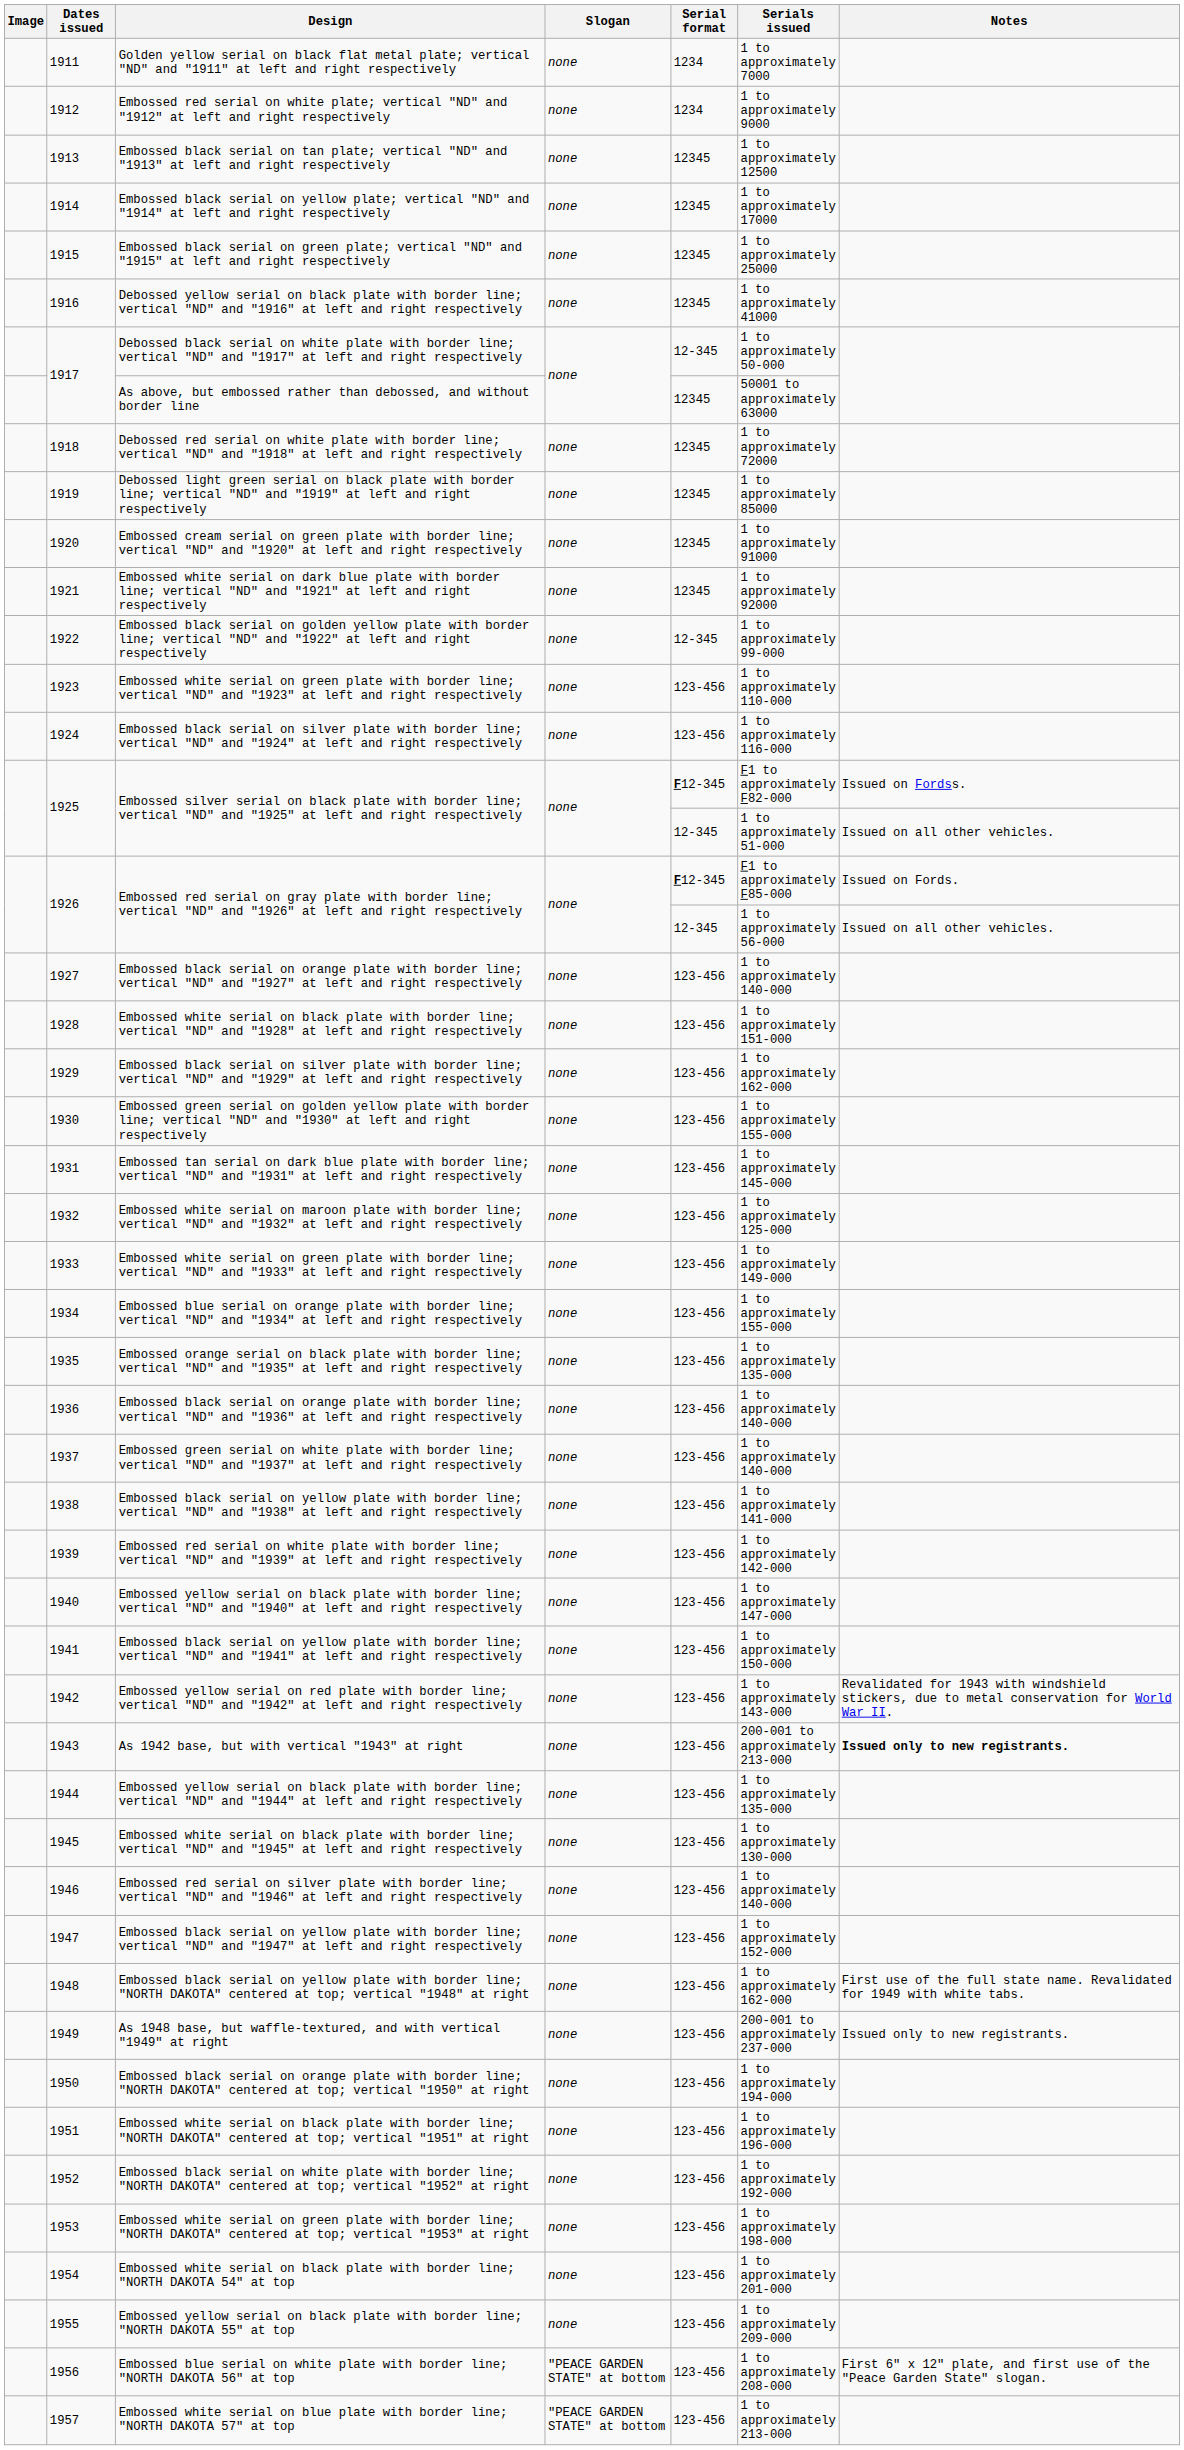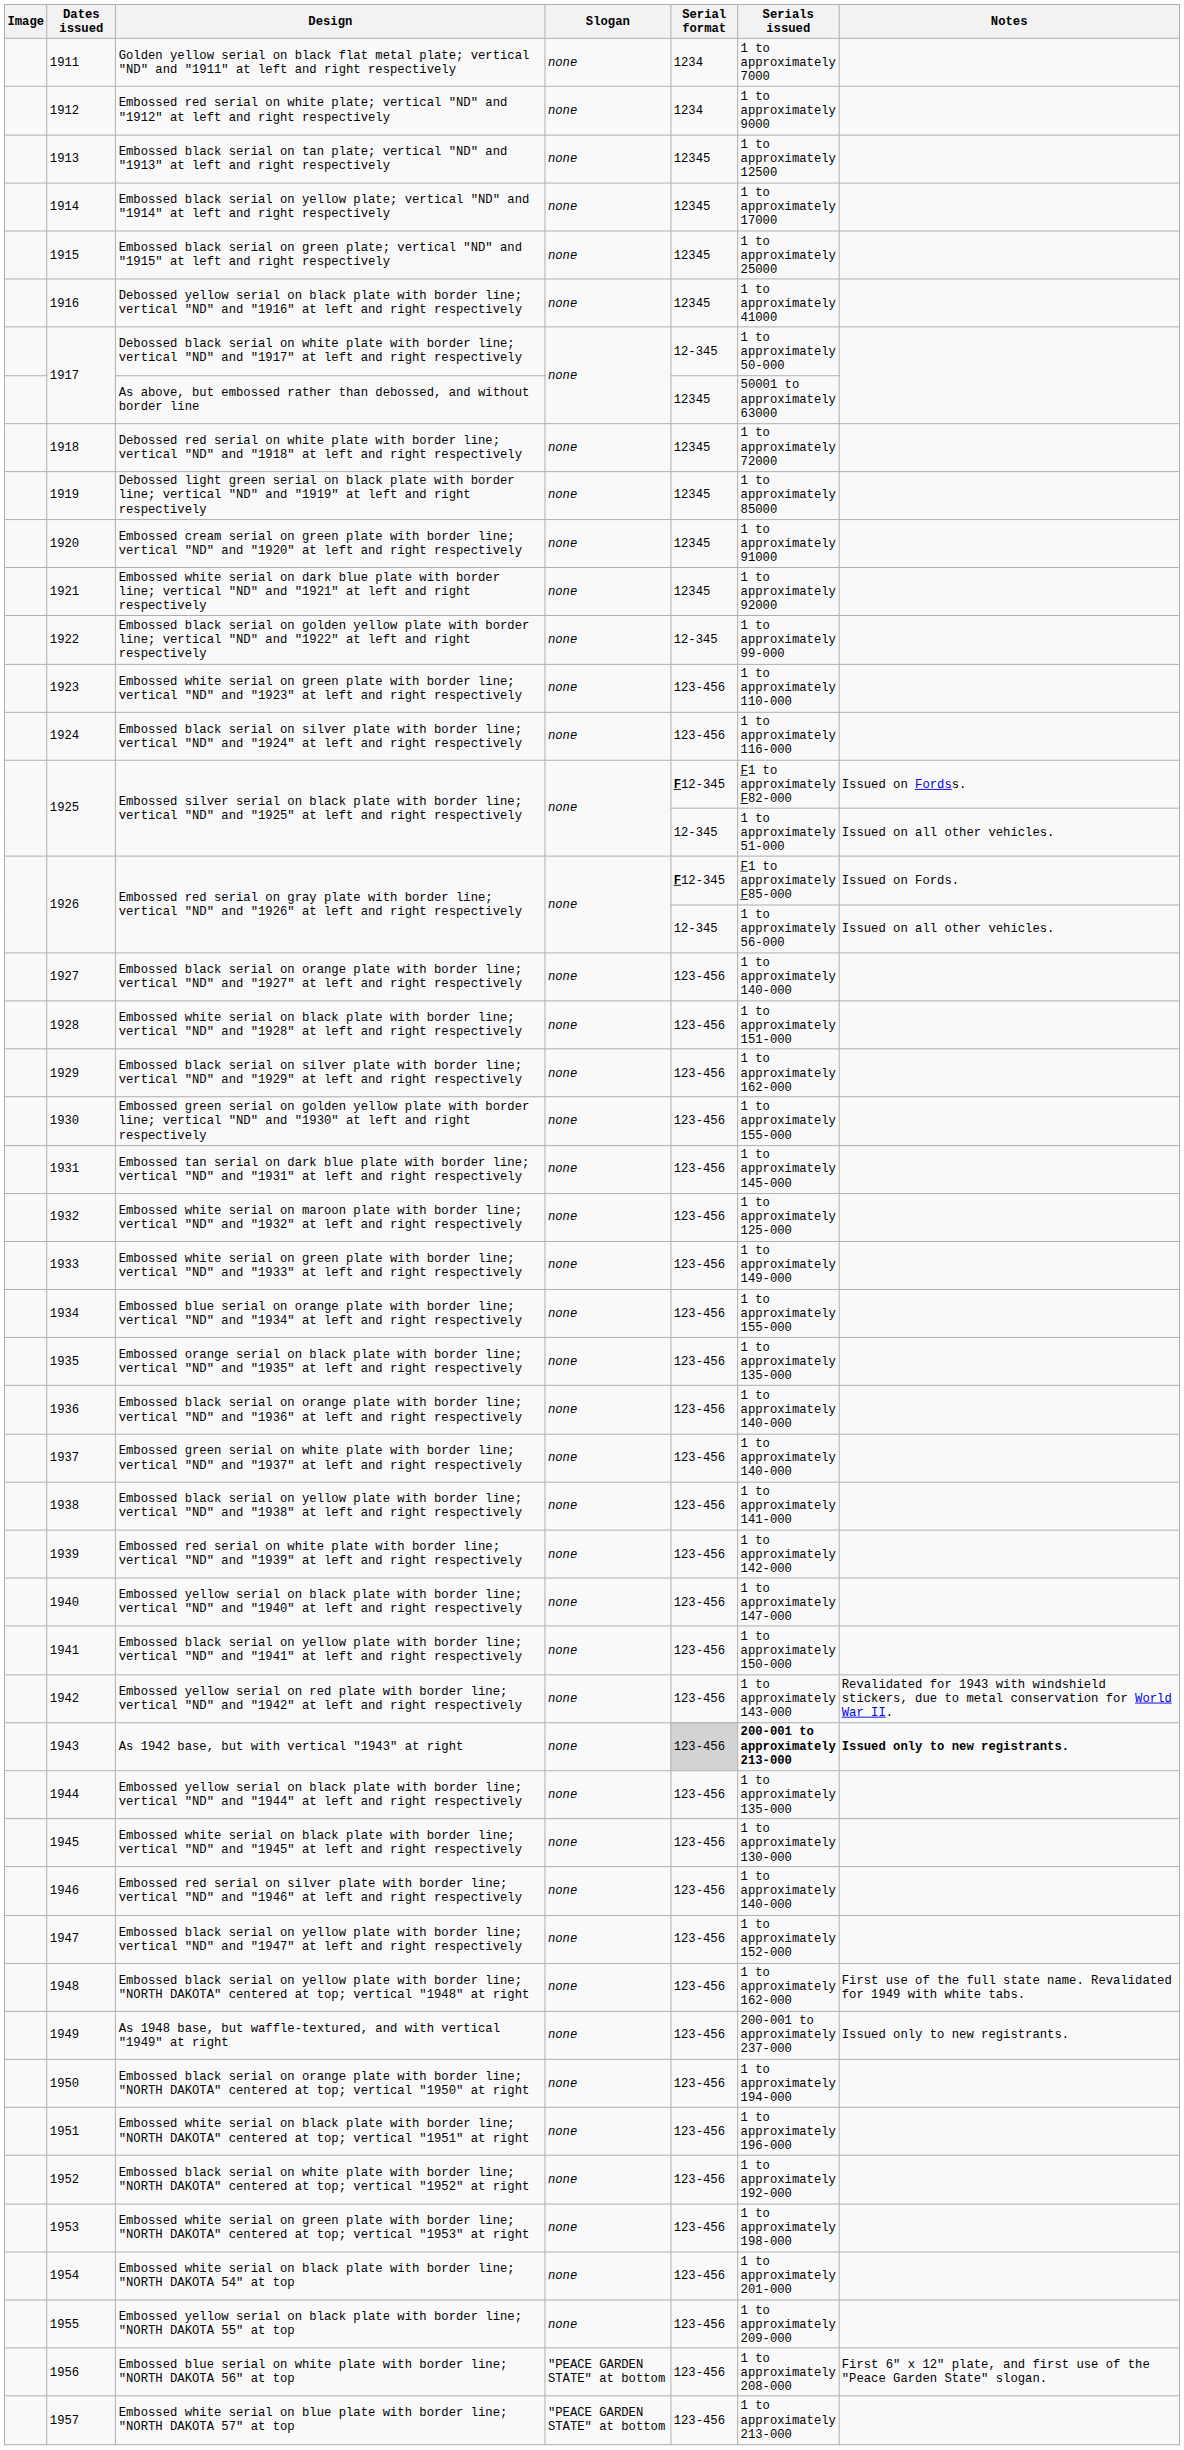 <table class="wikitable">
 <tr>
 <th>Image</th>
 <th>Dates issued</th>
 <th>Design</th>
 <th>Slogan</th>
 <th style="width:65px;">Serial format</th>
 <th style="width:95px;">Serials issued</th>
 <th>Notes</th>
 </tr>
 <tr>
 <td></td>
 <td>1911</td>
 <td>Golden yellow serial on black flat metal plate; vertical "ND" and "1911" at left and right respectively</td>
 <td><em>none</em></td>
 <td>1234</td>
 <td>1 to approximately 7000</td>
 <td></td>
 </tr>
 <tr>
 <td></td>
 <td>1912</td>
 <td>Embossed red serial on white plate; vertical "ND" and "1912" at left and right respectively</td>
 <td><em>none</em></td>
 <td>1234</td>
 <td>1 to approximately 9000</td>
 <td></td>
 </tr>
 <tr>
 <td></td>
 <td>1913</td>
 <td>Embossed black serial on tan plate; vertical "ND" and "1913" at left and right respectively</td>
 <td><em>none</em></td>
 <td>12345</td>
 <td>1 to approximately 12500</td>
 <td></td>
 </tr>
 <tr>
 <td></td>
 <td>1914</td>
 <td>Embossed black serial on yellow plate; vertical "ND" and "1914" at left and right respectively</td>
 <td><em>none</em></td>
 <td>12345</td>
 <td>1 to approximately 17000</td>
 <td></td>
 </tr>
 <tr>
 <td></td>
 <td>1915</td>
 <td>Embossed black serial on green plate; vertical "ND" and "1915" at left and right respectively</td>
 <td><em>none</em></td>
 <td>12345</td>
 <td>1 to approximately 25000</td>
 <td></td>
 </tr>
 <tr>
 <td></td>
 <td>1916</td>
 <td>Debossed yellow serial on black plate with border line; vertical "ND" and "1916" at left and right respectively</td>
 <td><em>none</em></td>
 <td>12345</td>
 <td>1 to approximately 41000</td>
 <td></td>
 </tr>
 <tr>
 <td></td>
 <td rowspan="2">1917</td>
 <td>Debossed black serial on white plate with border line; vertical "ND" and "1917" at left and right respectively</td>
 <td rowspan="2"><em>none</em></td>
 <td>12-345</td>
 <td>1 to approximately 50-000</td>
 <td rowspan="2"></td>
 </tr>
 <tr>
 <td></td>
 <td>As above, but embossed rather than debossed, and without border line</td>
 <td>12345</td>
 <td>50001 to approximately 63000</td>
 </tr>
 <tr>
 <td></td>
 <td>1918</td>
 <td>Debossed red serial on white plate with border line; vertical "ND" and "1918" at left and right respectively</td>
 <td><em>none</em></td>
 <td>12345</td>
 <td>1 to approximately 72000</td>
 <td></td>
 </tr>
 <tr>
 <td></td>
 <td>1919</td>
 <td>Debossed light green serial on black plate with border line; vertical "ND" and "1919" at left and right respectively</td>
 <td><em>none</em></td>
 <td>12345</td>
 <td>1 to approximately 85000</td>
 <td></td>
 </tr>
 <tr>
 <td></td>
 <td>1920</td>
 <td>Embossed cream serial on green plate with border line; vertical "ND" and "1920" at left and right respectively</td>
 <td><em>none</em></td>
 <td>12345</td>
 <td>1 to approximately 91000</td>
 <td></td>
 </tr>
 <tr>
 <td></td>
 <td>1921</td>
 <td>Embossed white serial on dark blue plate with border line; vertical "ND" and "1921" at left and right respectively</td>
 <td><em>none</em></td>
 <td>12345</td>
 <td>1 to approximately 92000</td>
 <td></td>
 </tr>
 <tr>
 <td></td>
 <td>1922</td>
 <td>Embossed black serial on golden yellow plate with border line; vertical "ND" and "1922" at left and right respectively</td>
 <td><em>none</em></td>
 <td>12-345</td>
 <td>1 to approximately 99-000</td>
 <td></td>
 </tr>
 <tr>
 <td></td>
 <td>1923</td>
 <td>Embossed white serial on green plate with border line; vertical "ND" and "1923" at left and right respectively</td>
 <td><em>none</em></td>
 <td>123-456</td>
 <td>1 to approximately 110-000</td>
 <td></td>
 </tr>
 <tr>
 <td></td>
 <td>1924</td>
 <td>Embossed black serial on silver plate with border line; vertical "ND" and "1924" at left and right respectively</td>
 <td><em>none</em></td>
 <td>123-456</td>
 <td>1 to approximately 116-000</td>
 <td></td>
 </tr>
 <tr>
 <td rowspan="2"></td>
 <td rowspan="2">1925</td>
 <td rowspan="2">Embossed silver serial on black plate with border line; vertical "ND" and "1925" at left and right respectively</td>
 <td rowspan="2"><em>none</em></td>
 <td><u><strong>F</strong></u>12-345</td>
 <td><u>F</u>1 to approximately <u>F</u>82-000</td>
 <td>Issued on <a href='#'>Fords</a>s.</td>
 </tr>
 <tr>
 <td>12-345</td>
 <td>1 to approximately 51-000</td>
 <td>Issued on all other vehicles.</td>
 </tr>
 <tr>
 <td rowspan="2"></td>
 <td rowspan="2">1926</td>
 <td rowspan="2">Embossed red serial on gray plate with border line; vertical "ND" and "1926" at left and right respectively</td>
 <td rowspan="2"><em>none</em></td>
 <td><u><strong>F</strong></u>12-345</td>
 <td><u>F</u>1 to approximately <u>F</u>85-000</td>
 <td>Issued on Fords.</td>
 </tr>
 <tr>
 <td>12-345</td>
 <td>1 to approximately 56-000</td>
 <td>Issued on all other vehicles.</td>
 </tr>
 <tr>
 <td></td>
 <td>1927</td>
 <td>Embossed black serial on orange plate with border line; vertical "ND" and "1927" at left and right respectively</td>
 <td><em>none</em></td>
 <td>123-456</td>
 <td>1 to approximately 140-000</td>
 <td></td>
 </tr>
 <tr>
 <td></td>
 <td>1928</td>
 <td>Embossed white serial on black plate with border line; vertical "ND" and "1928" at left and right respectively</td>
 <td><em>none</em></td>
 <td>123-456</td>
 <td>1 to approximately 151-000</td>
 <td></td>
 </tr>
 <tr>
 <td></td>
 <td>1929</td>
 <td>Embossed black serial on silver plate with border line; vertical "ND" and "1929" at left and right respectively</td>
 <td><em>none</em></td>
 <td>123-456</td>
 <td>1 to approximately 162-000</td>
 <td></td>
 </tr>
 <tr>
 <td></td>
 <td>1930</td>
 <td>Embossed green serial on golden yellow plate with border line; vertical "ND" and "1930" at left and right respectively</td>
 <td><em>none</em></td>
 <td>123-456</td>
 <td>1 to approximately 155-000</td>
 <td></td>
 </tr>
 <tr>
 <td></td>
 <td>1931</td>
 <td>Embossed tan serial on dark blue plate with border line; vertical "ND" and "1931" at left and right respectively</td>
 <td><em>none</em></td>
 <td>123-456</td>
 <td>1 to approximately 145-000</td>
 <td></td>
 </tr>
 <tr>
 <td></td>
 <td>1932</td>
 <td>Embossed white serial on maroon plate with border line; vertical "ND" and "1932" at left and right respectively</td>
 <td><em>none</em></td>
 <td>123-456</td>
 <td>1 to approximately 125-000</td>
 <td></td>
 </tr>
 <tr>
 <td></td>
 <td>1933</td>
 <td>Embossed white serial on green plate with border line; vertical "ND" and "1933" at left and right respectively</td>
 <td><em>none</em></td>
 <td>123-456</td>
 <td>1 to approximately 149-000</td>
 <td></td>
 </tr>
 <tr>
 <td></td>
 <td>1934</td>
 <td>Embossed blue serial on orange plate with border line; vertical "ND" and "1934" at left and right respectively</td>
 <td><em>none</em></td>
 <td>123-456</td>
 <td>1 to approximately 155-000</td>
 <td></td>
 </tr>
 <tr>
 <td></td>
 <td>1935</td>
 <td>Embossed orange serial on black plate with border line; vertical "ND" and "1935" at left and right respectively</td>
 <td><em>none</em></td>
 <td>123-456</td>
 <td>1 to approximately 135-000</td>
 <td></td>
 </tr>
 <tr>
 <td></td>
 <td>1936</td>
 <td>Embossed black serial on orange plate with border line; vertical "ND" and "1936" at left and right respectively</td>
 <td><em>none</em></td>
 <td>123-456</td>
 <td>1 to approximately 140-000</td>
 <td></td>
 </tr>
 <tr>
 <td></td>
 <td>1937</td>
 <td>Embossed green serial on white plate with border line; vertical "ND" and "1937" at left and right respectively</td>
 <td><em>none</em></td>
 <td>123-456</td>
 <td>1 to approximately 140-000</td>
 <td></td>
 </tr>
 <tr>
 <td></td>
 <td>1938</td>
 <td>Embossed black serial on yellow plate with border line; vertical "ND" and "1938" at left and right respectively</td>
 <td><em>none</em></td>
 <td>123-456</td>
 <td>1 to approximately 141-000</td>
 <td></td>
 </tr>
 <tr>
 <td></td>
 <td>1939</td>
 <td>Embossed red serial on white plate with border line; vertical "ND" and "1939" at left and right respectively</td>
 <td><em>none</em></td>
 <td>123-456</td>
 <td>1 to approximately 142-000</td>
 <td></td>
 </tr>
 <tr>
 <td></td>
 <td>1940</td>
 <td>Embossed yellow serial on black plate with border line; vertical "ND" and "1940" at left and right respectively</td>
 <td><em>none</em></td>
 <td>123-456</td>
 <td>1 to approximately 147-000</td>
 <td></td>
 </tr>
 <tr>
 <td></td>
 <td>1941</td>
 <td>Embossed black serial on yellow plate with border line; vertical "ND" and "1941" at left and right respectively</td>
 <td><em>none</em></td>
 <td>123-456</td>
 <td>1 to approximately 150-000</td>
 <td></td>
 </tr>
 <tr>
 <td></td>
 <td>1942</td>
 <td>Embossed yellow serial on red plate with border line; vertical "ND" and "1942" at left and right respectively</td>
 <td><em>none</em></td>
 <td>123-456</td>
 <td>1 to approximately 143-000</td>
 <td>Revalidated for 1943 with windshield stickers, due to metal conservation for <a href='#'>World War II</a>.</td>
 </tr>
 <tr>
 <td></td>
 <td>1943</td>
 <td>As 1942 base, but with vertical "1943" at right</td>
 <td><em>none</em></td>
-<td>123-456</td>
-<td>200-001 to approximately 213-000</td>
+<td style="background: lightgrey;">123-456</td>
+<td><strong>200-001 to approximately 213-000</strong></td>
 <td><strong>Issued only to new registrants.</strong></td>
 </tr>
 <tr>
 <td></td>
 <td>1944</td>
 <td>Embossed yellow serial on black plate with border line; vertical "ND" and "1944" at left and right respectively</td>
 <td><em>none</em></td>
 <td>123-456</td>
 <td>1 to approximately 135-000</td>
 <td></td>
 </tr>
 <tr>
 <td></td>
 <td>1945</td>
 <td>Embossed white serial on black plate with border line; vertical "ND" and "1945" at left and right respectively</td>
 <td><em>none</em></td>
 <td>123-456</td>
 <td>1 to approximately 130-000</td>
 <td></td>
 </tr>
 <tr>
 <td></td>
 <td>1946</td>
 <td>Embossed red serial on silver plate with border line; vertical "ND" and "1946" at left and right respectively</td>
 <td><em>none</em></td>
 <td>123-456</td>
 <td>1 to approximately 140-000</td>
 <td></td>
 </tr>
 <tr>
 <td></td>
 <td>1947</td>
 <td>Embossed black serial on yellow plate with border line; vertical "ND" and "1947" at left and right respectively</td>
 <td><em>none</em></td>
 <td>123-456</td>
 <td>1 to approximately 152-000</td>
 <td></td>
 </tr>
 <tr>
 <td></td>
 <td>1948</td>
 <td>Embossed black serial on yellow plate with border line; "NORTH DAKOTA" centered at top; vertical "1948" at right</td>
 <td><em>none</em></td>
 <td>123-456</td>
 <td>1 to approximately 162-000</td>
 <td>First use of the full state name. Revalidated for 1949 with white tabs.</td>
 </tr>
 <tr>
 <td></td>
 <td>1949</td>
 <td>As 1948 base, but waffle-textured, and with vertical "1949" at right</td>
 <td><em>none</em></td>
 <td>123-456</td>
 <td>200-001 to approximately 237-000</td>
 <td>Issued only to new registrants.</td>
 </tr>
 <tr>
 <td></td>
 <td>1950</td>
 <td>Embossed black serial on orange plate with border line; "NORTH DAKOTA" centered at top; vertical "1950" at right</td>
 <td><em>none</em></td>
 <td>123-456</td>
 <td>1 to approximately 194-000</td>
 <td></td>
 </tr>
 <tr>
 <td></td>
 <td>1951</td>
 <td>Embossed white serial on black plate with border line; "NORTH DAKOTA" centered at top; vertical "1951" at right</td>
 <td><em>none</em></td>
 <td>123-456</td>
 <td>1 to approximately 196-000</td>
 <td></td>
 </tr>
 <tr>
 <td></td>
 <td>1952</td>
 <td>Embossed black serial on white plate with border line; "NORTH DAKOTA" centered at top; vertical "1952" at right</td>
 <td><em>none</em></td>
 <td>123-456</td>
 <td>1 to approximately 192-000</td>
 <td></td>
 </tr>
 <tr>
 <td></td>
 <td>1953</td>
 <td>Embossed white serial on green plate with border line; "NORTH DAKOTA" centered at top; vertical "1953" at right</td>
 <td><em>none</em></td>
 <td>123-456</td>
 <td>1 to approximately 198-000</td>
 <td></td>
 </tr>
 <tr>
 <td></td>
 <td>1954</td>
 <td>Embossed white serial on black plate with border line; "NORTH DAKOTA 54" at top</td>
 <td><em>none</em></td>
 <td>123-456</td>
 <td>1 to approximately 201-000</td>
 <td></td>
 </tr>
 <tr>
 <td></td>
 <td>1955</td>
 <td>Embossed yellow serial on black plate with border line; "NORTH DAKOTA 55" at top</td>
 <td><em>none</em></td>
 <td>123-456</td>
 <td>1 to approximately 209-000</td>
 <td></td>
 </tr>
 <tr>
 <td></td>
 <td>1956</td>
 <td>Embossed blue serial on white plate with border line; "NORTH DAKOTA 56" at top</td>
 <td>"PEACE GARDEN STATE" at bottom</td>
 <td>123-456</td>
 <td>1 to approximately 208-000</td>
 <td>First 6" x 12" plate, and first use of the "Peace Garden State" slogan.</td>
 </tr>
 <tr>
 <td></td>
 <td>1957</td>
 <td>Embossed white serial on blue plate with border line; "NORTH DAKOTA 57" at top</td>
 <td>"PEACE GARDEN STATE" at bottom</td>
 <td>123-456</td>
 <td>1 to approximately 213-000</td>
 <td></td>
 </tr>
 </table>
